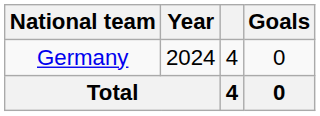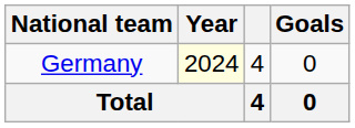 <table class="wikitable" style="text-align: center">
 <tr>
 <th>National team</th>
 <th>Year</th>
 <th></th>
 <th>Goals</th>
 </tr>
 <tr>
 <td><a href='#'>Germany</a></td>
-<td>2024</td>
+<td style="background: lightyellow;">2024</td>
 <td>4</td>
 <td>0</td>
 </tr>
 <tr>
 <th colspan="2">Total</th>
 <th>4</th>
 <th>0</th>
 </tr>
 </table>
